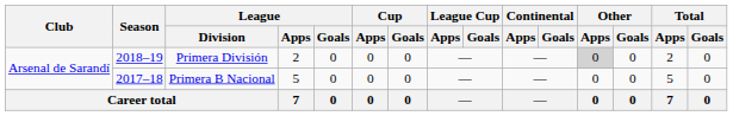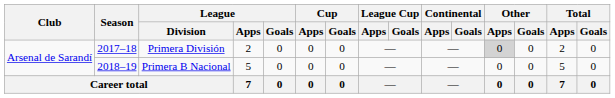 <table class="wikitable" style="text-align:center">
 <tr>
 <th rowspan="2">Club</th>
 <th rowspan="2">Season</th>
 <th colspan="3">League</th>
 <th colspan="2">Cup</th>
 <th colspan="2">League Cup</th>
 <th colspan="2">Continental</th>
 <th colspan="2">Other</th>
 <th colspan="2">Total</th>
 </tr>
 <tr>
 <th>Division</th>
 <th>Apps</th>
 <th>Goals</th>
 <th>Apps</th>
 <th>Goals</th>
 <th>Apps</th>
 <th>Goals</th>
 <th>Apps</th>
 <th>Goals</th>
 <th>Apps</th>
 <th>Goals</th>
 <th>Apps</th>
 <th>Goals</th>
 </tr>
 <tr>
 <td rowspan="2"><a href='#'>Arsenal de Sarandí</a></td>
-<td><a href='#'>2018–19</a></td>
+<td><a href='#'>2017–18</a></td>
 <td rowspan="1"><a href='#'>Primera División</a></td>
 <td>2</td>
 <td>0</td>
 <td>0</td>
 <td>0</td>
 <td colspan="2">—</td>
 <td colspan="2">—</td>
 <td style="background: lightgrey;">0</td>
 <td>0</td>
 <td>2</td>
 <td>0</td>
 </tr>
 <tr>
-<td><a href='#'>2017–18</a></td>
+<td><a href='#'>2018–19</a></td>
 <td rowspan="1"><a href='#'>Primera B Nacional</a></td>
 <td>5</td>
 <td>0</td>
 <td>0</td>
 <td>0</td>
 <td colspan="2">—</td>
 <td colspan="2">—</td>
 <td>0</td>
 <td>0</td>
 <td>5</td>
 <td>0</td>
 </tr>
 <tr>
 <th colspan="3">Career total</th>
 <th>7</th>
 <th>0</th>
 <th>0</th>
 <th>0</th>
 <th colspan="2">—</th>
 <th colspan="2">—</th>
 <th>0</th>
 <th>0</th>
 <th>7</th>
 <th>0</th>
 </tr>
 </table>
